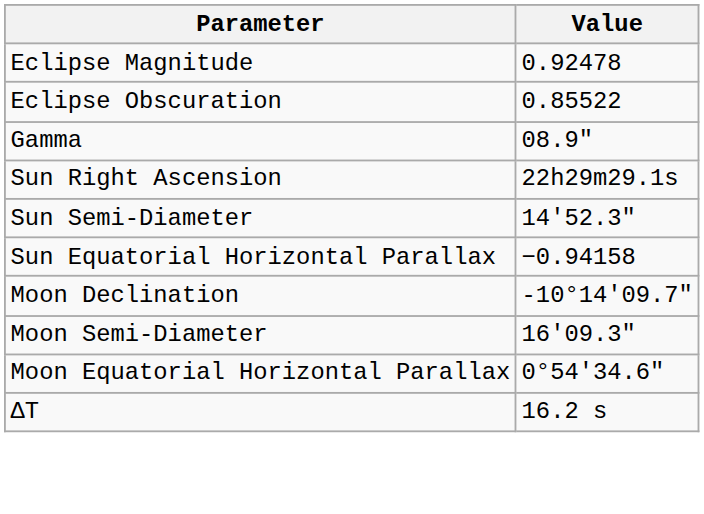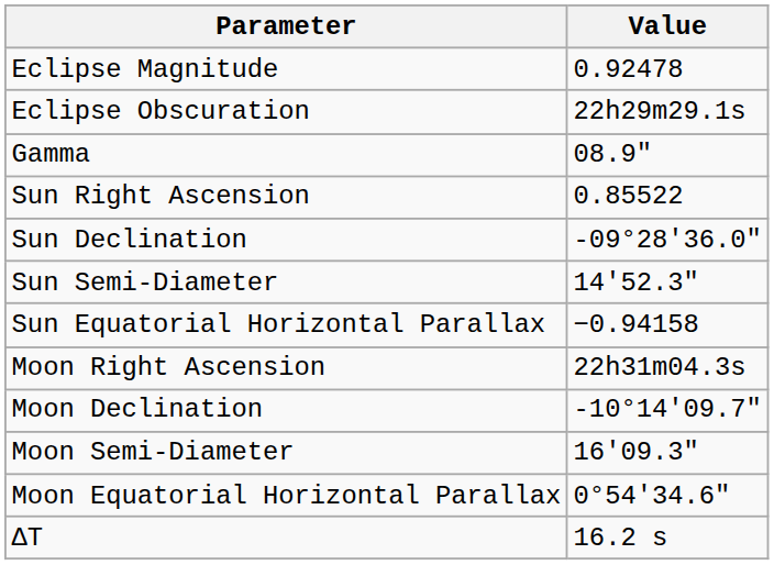 <table class="wikitable">
 <tr>
 <th>Parameter</th>
 <th>Value</th>
 </tr>
 <tr>
 <td>Eclipse Magnitude</td>
 <td>0.92478</td>
 </tr>
 <tr>
 <td>Eclipse Obscuration</td>
-<td>0.85522</td>
+<td>22h29m29.1s</td>
 </tr>
 <tr>
 <td>Gamma</td>
 <td>08.9"</td>
 </tr>
 <tr>
 <td>Sun Right Ascension</td>
-<td>22h29m29.1s</td>
+<td>0.85522</td>
+</tr>
+<tr>
+<td>Sun Declination</td>
+<td>-09°28'36.0"</td>
 </tr>
 <tr>
 <td>Sun Semi-Diameter</td>
 <td>14'52.3"</td>
 </tr>
 <tr>
 <td>Sun Equatorial Horizontal Parallax</td>
 <td>−0.94158</td>
+</tr>
+<tr>
+<td>Moon Right Ascension</td>
+<td>22h31m04.3s</td>
 </tr>
 <tr>
 <td>Moon Declination</td>
 <td>-10°14'09.7"</td>
 </tr>
 <tr>
 <td>Moon Semi-Diameter</td>
 <td>16'09.3"</td>
 </tr>
 <tr>
 <td>Moon Equatorial Horizontal Parallax</td>
 <td>0°54'34.6"</td>
 </tr>
 <tr>
 <td>ΔT</td>
 <td>16.2 s</td>
 </tr>
 </table>
